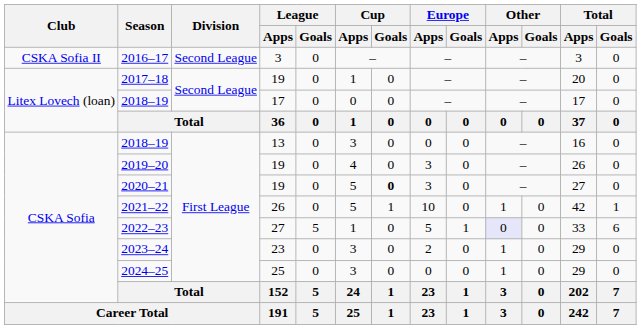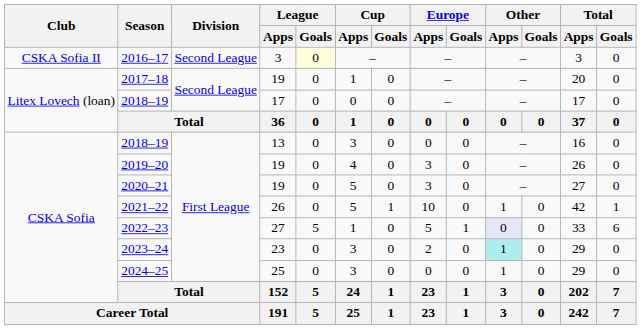 <table class="wikitable" style="text-align: center;">
 <tr>
 <th rowspan="2">Club</th>
 <th rowspan="2">Season</th>
 <th rowspan="2">Division</th>
 <th colspan="2">League</th>
 <th colspan="2">Cup</th>
 <th colspan="2"><a href='#'>Europe</a></th>
 <th colspan="2">Other</th>
 <th colspan="2">Total</th>
 </tr>
 <tr>
 <th width="15">Apps</th>
 <th width="15">Goals</th>
 <th width="15">Apps</th>
 <th width="15">Goals</th>
 <th width="15">Apps</th>
 <th width="15">Goals</th>
 <th width="15">Apps</th>
 <th width="15">Goals</th>
 <th width="15">Apps</th>
 <th width="15">Goals</th>
 </tr>
 <tr>
 <td rowspan="1" align=center valign=center><a href='#'>CSKA Sofia II</a></td>
 <td><a href='#'>2016–17</a></td>
 <td rowspan=1><a href='#'>Second League</a></td>
 <td>3</td>
-<td>0</td>
+<td style="background: lightyellow;">0</td>
 <td colspan="2">–</td>
 <td colspan="2">–</td>
 <td colspan="2">–</td>
 <td>3</td>
 <td>0</td>
 </tr>
 <tr>
 <td rowspan="3" align=center valign=center><a href='#'>Litex Lovech</a> (loan)</td>
 <td><a href='#'>2017–18</a></td>
 <td rowspan=2><a href='#'>Second League</a></td>
 <td>19</td>
 <td>0</td>
 <td>1</td>
 <td>0</td>
 <td colspan="2">–</td>
 <td colspan="2">–</td>
 <td>20</td>
 <td>0</td>
 </tr>
 <tr>
 <td><a href='#'>2018–19</a></td>
 <td>17</td>
 <td>0</td>
 <td>0</td>
 <td>0</td>
 <td colspan="2">–</td>
 <td colspan="2">–</td>
 <td>17</td>
 <td>0</td>
 </tr>
 <tr>
 <th colspan="2">Total</th>
 <th>36</th>
 <th>0</th>
 <th>1</th>
 <th>0</th>
 <th>0</th>
 <th>0</th>
 <th>0</th>
 <th>0</th>
 <th>37</th>
 <th>0</th>
 </tr>
 <tr>
 <td rowspan="8" align=center valign=center><a href='#'>CSKA Sofia</a></td>
 <td><a href='#'>2018–19</a></td>
 <td rowspan=7><a href='#'>First League</a></td>
 <td>13</td>
 <td>0</td>
 <td>3</td>
 <td>0</td>
 <td>0</td>
 <td>0</td>
 <td colspan="2">–</td>
 <td>16</td>
 <td>0</td>
 </tr>
 <tr>
 <td><a href='#'>2019–20</a></td>
 <td>19</td>
 <td>0</td>
 <td>4</td>
 <td>0</td>
 <td>3</td>
 <td>0</td>
 <td colspan="2">–</td>
 <td>26</td>
 <td>0</td>
 </tr>
 <tr>
 <td><a href='#'>2020–21</a></td>
 <td>19</td>
 <td>0</td>
 <td>5</td>
-<td><strong>0</strong></td>
+<td>0</td>
 <td>3</td>
 <td>0</td>
 <td colspan="2">–</td>
 <td>27</td>
 <td>0</td>
 </tr>
 <tr>
 <td><a href='#'>2021–22</a></td>
 <td>26</td>
 <td>0</td>
 <td>5</td>
 <td>1</td>
 <td>10</td>
 <td>0</td>
 <td>1</td>
 <td>0</td>
 <td>42</td>
 <td>1</td>
 </tr>
 <tr>
 <td><a href='#'>2022–23</a></td>
 <td>27</td>
 <td>5</td>
 <td>1</td>
 <td>0</td>
 <td>5</td>
 <td>1</td>
 <td style="background: lavender;">0</td>
 <td>0</td>
 <td>33</td>
 <td>6</td>
 </tr>
 <tr>
 <td><a href='#'>2023–24</a></td>
 <td>23</td>
 <td>0</td>
 <td>3</td>
 <td>0</td>
 <td>2</td>
 <td>0</td>
-<td>1</td>
+<td style="background: paleturquoise;">1</td>
 <td>0</td>
 <td>29</td>
 <td>0</td>
 </tr>
 <tr>
 <td><a href='#'>2024–25</a></td>
 <td>25</td>
 <td>0</td>
 <td>3</td>
 <td>0</td>
 <td>0</td>
 <td>0</td>
 <td>1</td>
 <td>0</td>
 <td>29</td>
 <td>0</td>
 </tr>
 <tr>
 <th colspan="2">Total</th>
 <th>152</th>
 <th>5</th>
 <th>24</th>
 <th>1</th>
 <th>23</th>
 <th>1</th>
 <th>3</th>
 <th>0</th>
 <th>202</th>
 <th>7</th>
 </tr>
 <tr>
 <th colspan=3>Career Total</th>
 <th>191</th>
 <th>5</th>
 <th>25</th>
 <th>1</th>
 <th>23</th>
 <th>1</th>
 <th>3</th>
 <th>0</th>
 <th>242</th>
 <th>7</th>
 </tr>
 </table>
